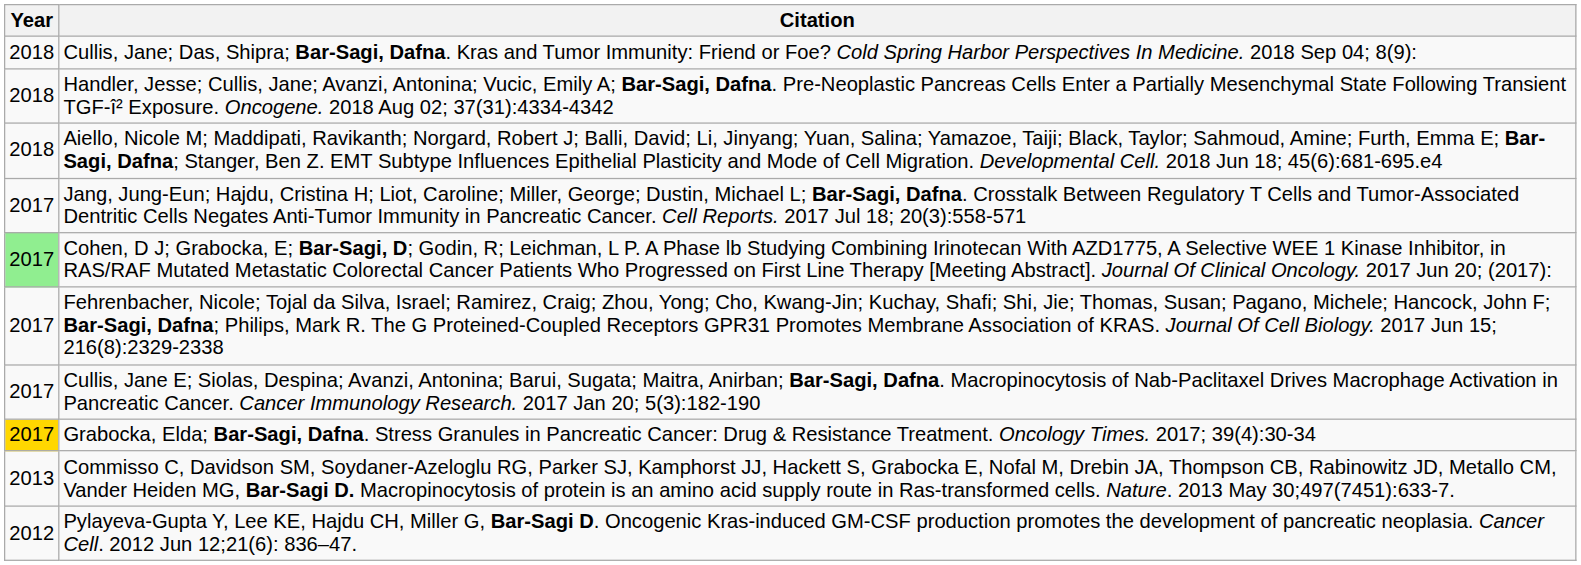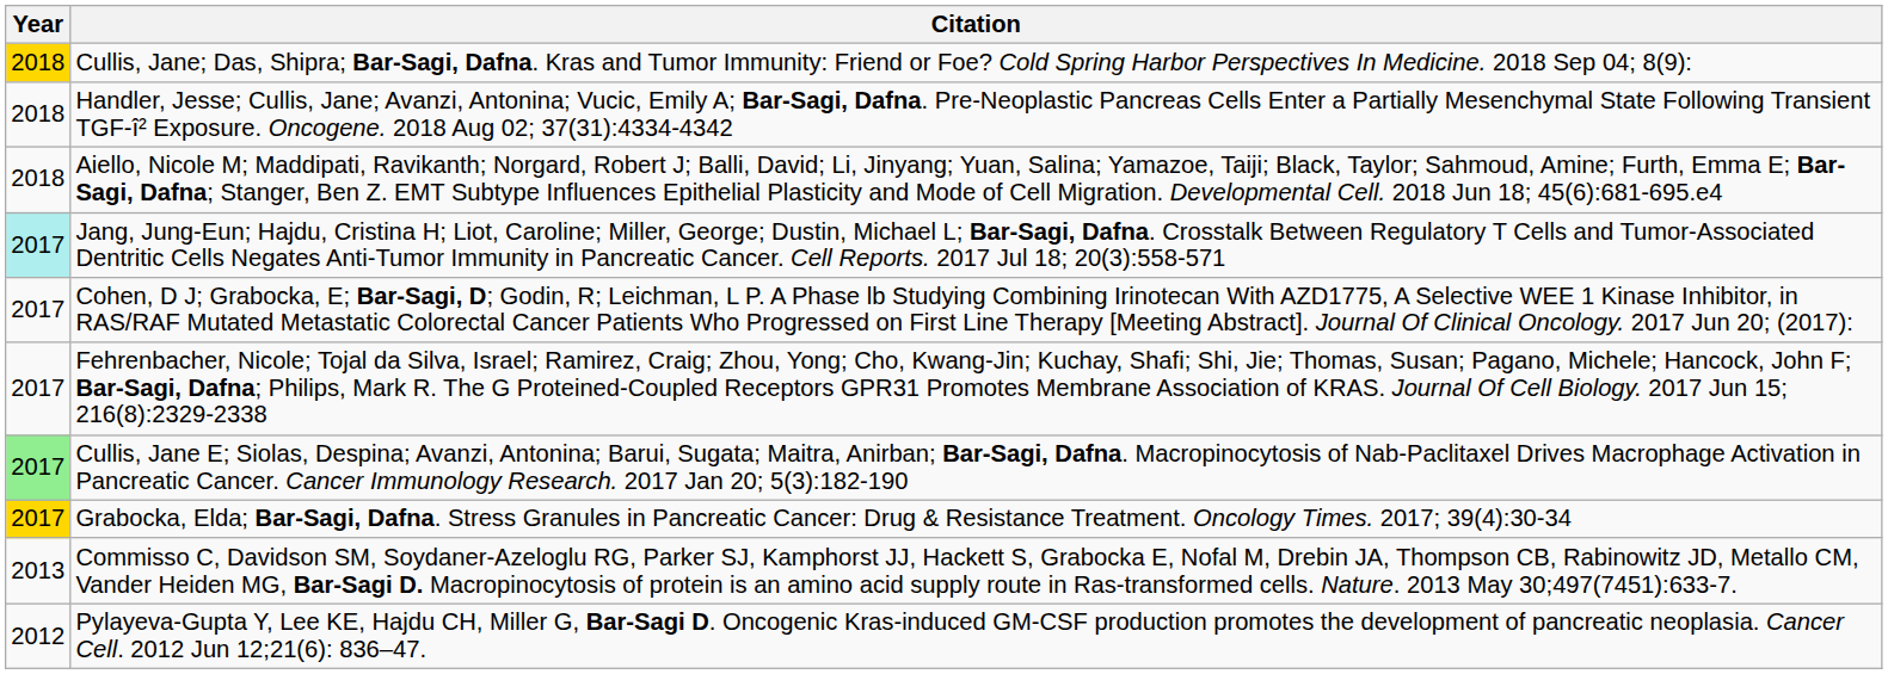 <table class="wikitable">
 <tr>
 <th>Year</th>
 <th>Citation</th>
 </tr>
 <tr>
-<td>2018</td>
+<td style="background: gold;">2018</td>
 <td>Cullis, Jane; Das, Shipra; <strong>Bar-Sagi, Dafna</strong>. Kras and Tumor Immunity: Friend or Foe? <em>Cold Spring Harbor Perspectives In Medicine.</em> 2018 Sep 04; 8(9):</td>
 </tr>
 <tr>
 <td>2018</td>
 <td>Handler, Jesse; Cullis, Jane; Avanzi, Antonina; Vucic, Emily A; <strong>Bar-Sagi, Dafna</strong>. Pre-Neoplastic Pancreas Cells Enter a Partially Mesenchymal State Following Transient TGF-î² Exposure. <em>Oncogene.</em> 2018 Aug 02; 37(31):4334-4342</td>
 </tr>
 <tr>
 <td>2018</td>
 <td>Aiello, Nicole M; Maddipati, Ravikanth; Norgard, Robert J; Balli, David; Li, Jinyang; Yuan, Salina; Yamazoe, Taiji; Black, Taylor; Sahmoud, Amine; Furth, Emma E; <strong>Bar-Sagi, Dafna</strong>; Stanger, Ben Z. EMT Subtype Influences Epithelial Plasticity and Mode of Cell Migration. <em>Developmental Cell.</em> 2018 Jun 18; 45(6):681-695.e4</td>
 </tr>
 <tr>
-<td>2017</td>
+<td style="background: paleturquoise;">2017</td>
 <td>Jang, Jung-Eun; Hajdu, Cristina H; Liot, Caroline; Miller, George; Dustin, Michael L; <strong>Bar-Sagi, Dafna</strong>. Crosstalk Between Regulatory T Cells and Tumor-Associated Dentritic Cells Negates Anti-Tumor Immunity in Pancreatic Cancer. <em>Cell Reports.</em> 2017 Jul 18; 20(3):558-571</td>
 </tr>
 <tr>
-<td style="background: lightgreen;">2017</td>
+<td>2017</td>
 <td>Cohen, D J; Grabocka, E; <strong>Bar-Sagi, D</strong>; Godin, R; Leichman, L P. A Phase lb Studying Combining Irinotecan With AZD1775, A Selective WEE 1 Kinase Inhibitor, in RAS/RAF Mutated Metastatic Colorectal Cancer Patients Who Progressed on First Line Therapy [Meeting Abstract]. <em>Journal Of Clinical Oncology.</em> 2017 Jun 20; (2017):</td>
 </tr>
 <tr>
 <td>2017</td>
 <td>Fehrenbacher, Nicole; Tojal da Silva, Israel; Ramirez, Craig; Zhou, Yong; Cho, Kwang-Jin; Kuchay, Shafi; Shi, Jie; Thomas, Susan; Pagano, Michele; Hancock, John F; <strong>Bar-Sagi, Dafna</strong>; Philips, Mark R. The G Proteined-Coupled Receptors GPR31 Promotes Membrane Association of KRAS. <em>Journal Of Cell Biology.</em> 2017 Jun 15; 216(8):2329-2338</td>
 </tr>
 <tr>
-<td>2017</td>
+<td style="background: lightgreen;">2017</td>
 <td>Cullis, Jane E; Siolas, Despina; Avanzi, Antonina; Barui, Sugata; Maitra, Anirban; <strong>Bar-Sagi, Dafna</strong>. Macropinocytosis of Nab-Paclitaxel Drives Macrophage Activation in Pancreatic Cancer. <em>Cancer Immunology Research.</em> 2017 Jan 20; 5(3):182-190</td>
 </tr>
 <tr>
 <td style="background: gold;">2017</td>
 <td>Grabocka, Elda; <strong>Bar-Sagi, Dafna</strong>. Stress Granules in Pancreatic Cancer: Drug & Resistance Treatment. <em>Oncology Times.</em> 2017; 39(4):30-34</td>
 </tr>
 <tr>
 <td>2013</td>
 <td>Commisso C, Davidson SM, Soydaner-Azeloglu RG, Parker SJ, Kamphorst JJ, Hackett S, Grabocka E, Nofal M, Drebin JA, Thompson CB, Rabinowitz JD, Metallo CM, Vander Heiden MG, <strong>Bar-Sagi D.</strong> Macropinocytosis of protein is an amino acid supply route in Ras-transformed cells. <em>Nature</em>. 2013 May 30;497(7451):633-7.</td>
 </tr>
 <tr>
 <td>2012</td>
 <td>Pylayeva-Gupta Y, Lee KE, Hajdu CH, Miller G, <strong>Bar-Sagi D</strong>. Oncogenic Kras-induced GM-CSF production promotes the development of pancreatic neoplasia. <em>Cancer Cell</em>. 2012 Jun 12;21(6): 836–47.</td>
 </tr>
 </table>
